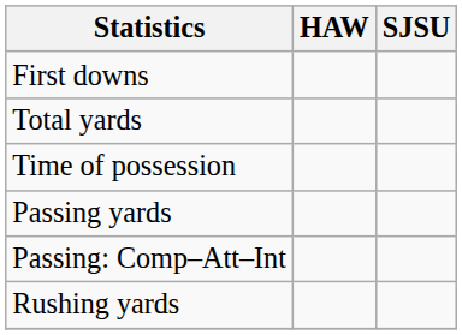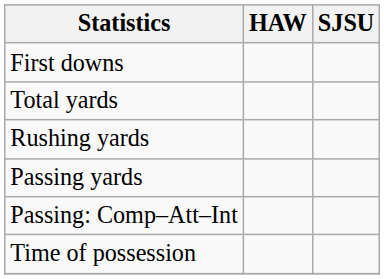 <table class="wikitable" style="float: left;">
 <tr>
 <th>Statistics</th>
 <th>HAW</th>
 <th>SJSU</th>
 </tr>
 <tr>
 <td>First downs</td>
 <td></td>
 <td></td>
 </tr>
 <tr>
 <td>Total yards</td>
 <td></td>
 <td></td>
 </tr>
 <tr>
-<td>Time of possession</td>
+<td>Rushing yards</td>
 <td></td>
 <td></td>
 </tr>
 <tr>
 <td>Passing yards</td>
 <td></td>
 <td></td>
 </tr>
 <tr>
 <td>Passing: Comp–Att–Int</td>
 <td></td>
 <td></td>
 </tr>
 <tr>
-<td>Rushing yards</td>
+<td>Time of possession</td>
 <td></td>
 <td></td>
 </tr>
 <tr>
 </tr>
 </table>
